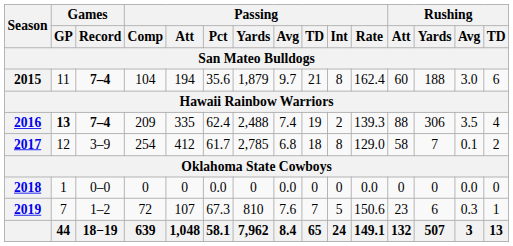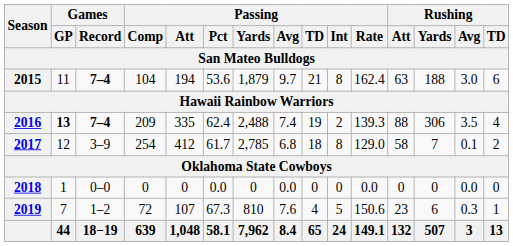 <table class="wikitable" style="text-align:center;">
 <tr>
 <th rowspan="2">Season</th>
 <th colspan="2">Games</th>
 <th colspan="8">Passing</th>
 <th colspan="4">Rushing</th>
 </tr>
 <tr>
 <th>GP</th>
 <th>Record</th>
 <th>Comp</th>
 <th>Att</th>
 <th>Pct</th>
 <th>Yards</th>
 <th>Avg</th>
 <th>TD</th>
 <th>Int</th>
 <th>Rate</th>
 <th>Att</th>
 <th>Yards</th>
 <th>Avg</th>
 <th>TD</th>
 </tr>
 <tr>
 <th colspan="16">San Mateo Bulldogs</th>
 </tr>
 <tr>
 <th>2015</th>
 <td>11</td>
 <td><strong>7–4</strong></td>
 <td>104</td>
 <td>194</td>
-<td>35.6</td>
+<td>53.6</td>
 <td>1,879</td>
 <td>9.7</td>
 <td>21</td>
 <td>8</td>
 <td>162.4</td>
-<td>60</td>
+<td>63</td>
 <td>188</td>
 <td>3.0</td>
 <td>6</td>
 </tr>
 <tr>
 <th colspan="16">Hawaii Rainbow Warriors</th>
 </tr>
 <tr>
 <th><a href='#'>2016</a></th>
 <td><strong>13</strong></td>
 <td><strong>7–4</strong></td>
 <td>209</td>
 <td>335</td>
 <td>62.4</td>
 <td>2,488</td>
 <td>7.4</td>
 <td>19</td>
 <td>2</td>
 <td>139.3</td>
 <td>88</td>
 <td>306</td>
 <td>3.5</td>
 <td>4</td>
 </tr>
 <tr>
 <th><a href='#'>2017</a></th>
 <td>12</td>
 <td>3–9</td>
 <td>254</td>
 <td>412</td>
 <td>61.7</td>
 <td>2,785</td>
 <td>6.8</td>
 <td>18</td>
 <td>8</td>
 <td>129.0</td>
 <td>58</td>
 <td>7</td>
 <td>0.1</td>
 <td>2</td>
 </tr>
 <tr>
 <th colspan="16">Oklahoma State Cowboys</th>
 </tr>
 <tr>
 <th><a href='#'>2018</a></th>
 <td>1</td>
 <td>0–0</td>
 <td>0</td>
 <td>0</td>
 <td>0.0</td>
 <td>0</td>
 <td>0.0</td>
 <td>0</td>
 <td>0</td>
 <td>0.0</td>
 <td>0</td>
 <td>0</td>
 <td>0.0</td>
 <td>0</td>
 </tr>
 <tr>
 <th><a href='#'>2019</a></th>
 <td>7</td>
 <td>1–2</td>
 <td>72</td>
 <td>107</td>
 <td>67.3</td>
 <td>810</td>
 <td>7.6</td>
-<td>7</td>
+<td>4</td>
 <td>5</td>
 <td>150.6</td>
 <td>23</td>
 <td>6</td>
 <td>0.3</td>
 <td>1</td>
 </tr>
 <tr>
 <th></th>
 <th>44</th>
 <th>18−19</th>
 <th>639</th>
 <th>1,048</th>
 <th>58.1</th>
 <th>7,962</th>
 <th>8.4</th>
 <th>65</th>
 <th>24</th>
 <th>149.1</th>
 <th>132</th>
 <th>507</th>
 <th>3</th>
 <th>13</th>
 </tr>
 </table>
